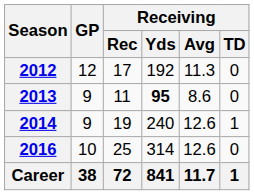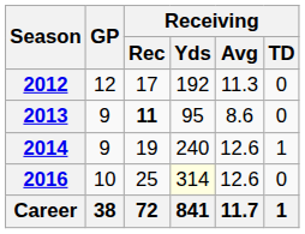 <table class="wikitable" style="text-align:center">
 <tr>
 <th rowspan="2">Season</th>
 <th rowspan="2">GP</th>
 <th colspan="4">Receiving</th>
 </tr>
 <tr>
 <th>Rec</th>
 <th>Yds</th>
 <th>Avg</th>
 <th>TD</th>
 </tr>
 <tr>
 <th><a href='#'>2012</a></th>
 <td>12</td>
 <td>17</td>
 <td>192</td>
 <td>11.3</td>
 <td>0</td>
 </tr>
 <tr>
 <th><a href='#'>2013</a></th>
 <td>9</td>
-<td>11</td>
-<td><strong>95</strong></td>
+<td><strong>11</strong></td>
+<td>95</td>
 <td>8.6</td>
 <td>0</td>
 </tr>
 <tr>
 <th><a href='#'>2014</a></th>
 <td>9</td>
 <td>19</td>
 <td>240</td>
 <td>12.6</td>
 <td>1</td>
 </tr>
 <tr>
 <th><a href='#'>2016</a></th>
 <td>10</td>
 <td>25</td>
-<td>314</td>
+<td style="background: lightyellow;">314</td>
 <td>12.6</td>
 <td>0</td>
 </tr>
 <tr>
 <th>Career</th>
 <th>38</th>
 <th>72</th>
 <th>841</th>
 <th>11.7</th>
 <th>1</th>
 </tr>
 </table>
